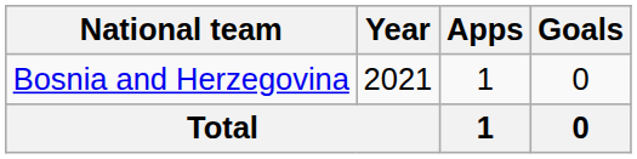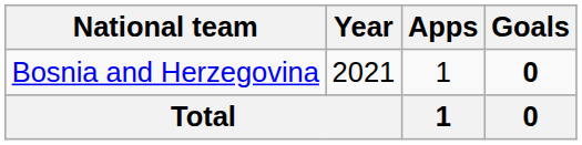 <table class="wikitable" style="text-align:center">
 <tr>
 <th>National team</th>
 <th>Year</th>
 <th>Apps</th>
 <th>Goals</th>
 </tr>
 <tr>
 <td><a href='#'>Bosnia and Herzegovina</a></td>
 <td>2021</td>
 <td>1</td>
-<td>0</td>
+<td><strong>0</strong></td>
 </tr>
 <tr>
 <th colspan="2">Total</th>
 <th>1</th>
 <th>0</th>
 </tr>
 </table>
